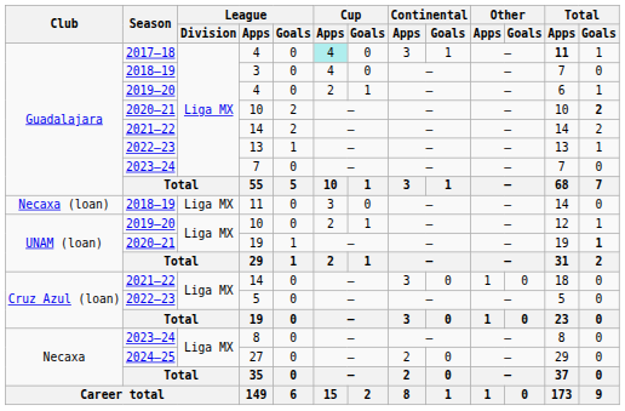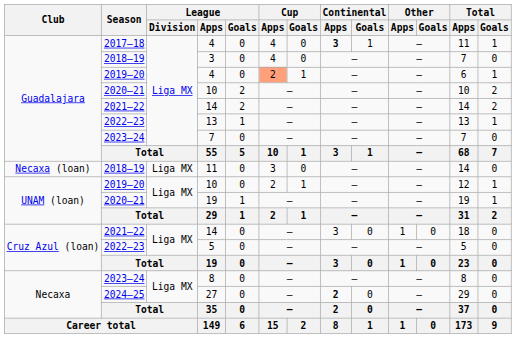 <table class="wikitable" style="text-align:center">
 <tr>
 <th rowspan="2">Club</th>
 <th rowspan="2">Season</th>
 <th colspan="3">League</th>
 <th colspan="2">Cup</th>
 <th colspan="2">Continental</th>
 <th colspan="2">Other</th>
 <th colspan="2">Total</th>
 </tr>
 <tr>
 <th>Division</th>
 <th>Apps</th>
 <th>Goals</th>
 <th>Apps</th>
 <th>Goals</th>
 <th>Apps</th>
 <th>Goals</th>
 <th>Apps</th>
 <th>Goals</th>
 <th>Apps</th>
 <th>Goals</th>
 </tr>
 <tr>
 <td rowspan="8"><a href='#'>Guadalajara</a></td>
 <td><a href='#'>2017–18</a></td>
 <td rowspan="7"><a href='#'>Liga MX</a></td>
 <td>4</td>
 <td>0</td>
-<td style="background: paleturquoise;">4</td>
+<td>4</td>
 <td>0</td>
-<td>3</td>
+<td><strong>3</strong></td>
 <td>1</td>
 <td colspan=2>—</td>
-<td><strong>11</strong></td>
+<td>11</td>
 <td>1</td>
 </tr>
 <tr>
 <td><a href='#'>2018–19</a></td>
 <td>3</td>
 <td>0</td>
 <td>4</td>
 <td>0</td>
 <td colspan=2>—</td>
 <td colspan=2>—</td>
 <td>7</td>
 <td>0</td>
 </tr>
 <tr>
 <td><a href='#'>2019–20</a></td>
 <td>4</td>
 <td>0</td>
-<td>2</td>
+<td style="background: lightsalmon;">2</td>
 <td>1</td>
 <td colspan=2>—</td>
 <td colspan=2>—</td>
 <td>6</td>
 <td>1</td>
 </tr>
 <tr>
 <td><a href='#'>2020–21</a></td>
 <td>10</td>
 <td>2</td>
 <td colspan=2>—</td>
 <td colspan=2>—</td>
 <td colspan=2>—</td>
 <td>10</td>
-<td><strong>2</strong></td>
+<td>2</td>
 </tr>
 <tr>
 <td><a href='#'>2021–22</a></td>
 <td>14</td>
 <td>2</td>
 <td colspan=2>—</td>
 <td colspan=2>—</td>
 <td colspan=2>—</td>
 <td>14</td>
 <td>2</td>
 </tr>
 <tr>
 <td><a href='#'>2022–23</a></td>
 <td>13</td>
 <td>1</td>
 <td colspan=2>—</td>
 <td colspan=2>—</td>
 <td colspan=2>—</td>
 <td>13</td>
 <td>1</td>
 </tr>
 <tr>
 <td><a href='#'>2023–24</a></td>
 <td>7</td>
 <td>0</td>
 <td colspan=2>—</td>
 <td colspan=2>—</td>
 <td colspan=2>—</td>
 <td>7</td>
 <td>0</td>
 </tr>
 <tr>
 <th colspan="2">Total</th>
 <th>55</th>
 <th>5</th>
 <th>10</th>
 <th>1</th>
 <th>3</th>
 <th>1</th>
 <th colspan=2>—</th>
 <th>68</th>
 <th>7</th>
 </tr>
 <tr>
 <td><a href='#'>Necaxa</a> (loan)</td>
 <td><a href='#'>2018–19</a></td>
 <td>Liga MX</td>
 <td>11</td>
 <td>0</td>
 <td>3</td>
 <td>0</td>
 <td colspan=2>—</td>
 <td colspan=2>—</td>
 <td>14</td>
 <td>0</td>
 </tr>
 <tr>
 <td rowspan="3"><a href='#'>UNAM</a> (loan)</td>
 <td><a href='#'>2019–20</a></td>
 <td rowspan="2">Liga MX</td>
 <td>10</td>
 <td>0</td>
 <td>2</td>
 <td>1</td>
 <td colspan=2>—</td>
 <td colspan=2>—</td>
 <td>12</td>
 <td>1</td>
 </tr>
 <tr>
 <td><a href='#'>2020–21</a></td>
 <td>19</td>
 <td>1</td>
 <td colspan=2>—</td>
 <td colspan=2>—</td>
 <td colspan="2">—</td>
 <td>19</td>
-<td><strong>1</strong></td>
+<td>1</td>
 </tr>
 <tr>
 <th colspan="2">Total</th>
 <th>29</th>
 <th>1</th>
 <th>2</th>
 <th>1</th>
 <th colspan=2>—</th>
 <th colspan=2>—</th>
 <th>31</th>
 <th>2</th>
 </tr>
 <tr>
 <td rowspan="3"><a href='#'>Cruz Azul</a> (loan)</td>
 <td><a href='#'>2021–22</a></td>
 <td rowspan="2">Liga MX</td>
 <td>14</td>
 <td>0</td>
 <td colspan=2>—</td>
 <td>3</td>
 <td>0</td>
 <td>1</td>
 <td>0</td>
 <td>18</td>
 <td>0</td>
 </tr>
 <tr>
 <td><a href='#'>2022–23</a></td>
 <td>5</td>
 <td>0</td>
 <td colspan=2>—</td>
 <td colspan=2>—</td>
 <td colspan="2">—</td>
 <td>5</td>
 <td>0</td>
 </tr>
 <tr>
 <th colspan="2">Total</th>
 <th>19</th>
 <th>0</th>
 <th colspan=2>—</th>
 <th>3</th>
 <th>0</th>
 <th>1</th>
 <th>0</th>
 <th>23</th>
 <th>0</th>
 </tr>
 <tr>
 <td rowspan="3">Necaxa</td>
 <td><a href='#'>2023–24</a></td>
 <td rowspan="2">Liga MX</td>
 <td>8</td>
 <td>0</td>
 <td colspan="2">—</td>
 <td colspan="2">—</td>
 <td colspan="2">—</td>
 <td>8</td>
 <td>0</td>
 </tr>
 <tr>
 <td><a href='#'>2024–25</a></td>
 <td>27</td>
 <td>0</td>
 <td colspan="2">—</td>
-<td>2</td>
+<td><strong>2</strong></td>
 <td>0</td>
 <td colspan="2">—</td>
 <td>29</td>
 <td>0</td>
 </tr>
 <tr>
 <th colspan="2">Total</th>
 <th>35</th>
 <th>0</th>
 <th colspan="2">—</th>
 <th>2</th>
 <th>0</th>
 <th colspan="2">—</th>
 <th>37</th>
 <th>0</th>
 </tr>
 <tr>
 <th colspan="3">Career total</th>
 <th>149</th>
 <th>6</th>
 <th>15</th>
 <th>2</th>
 <th>8</th>
 <th>1</th>
 <th>1</th>
 <th>0</th>
 <th>173</th>
 <th>9</th>
 </tr>
 </table>
